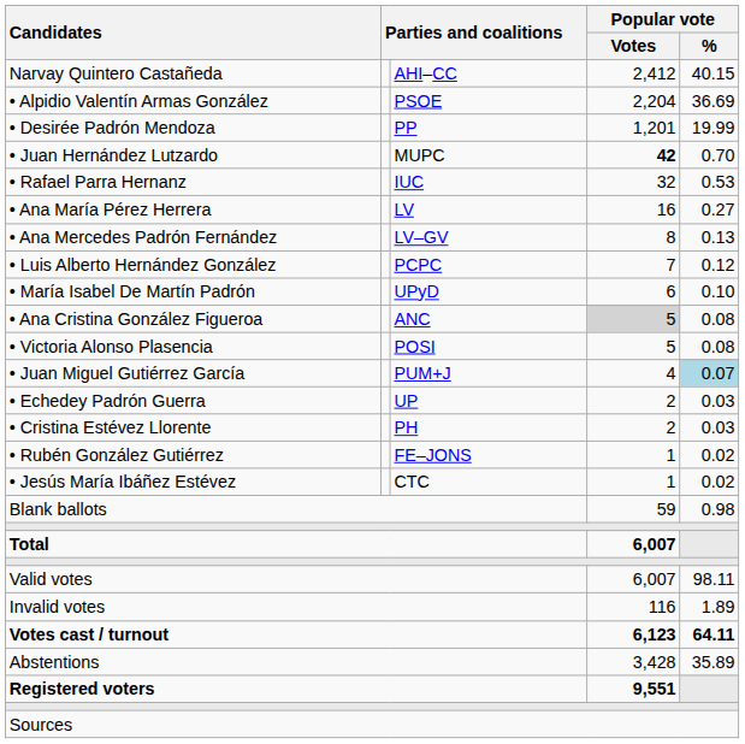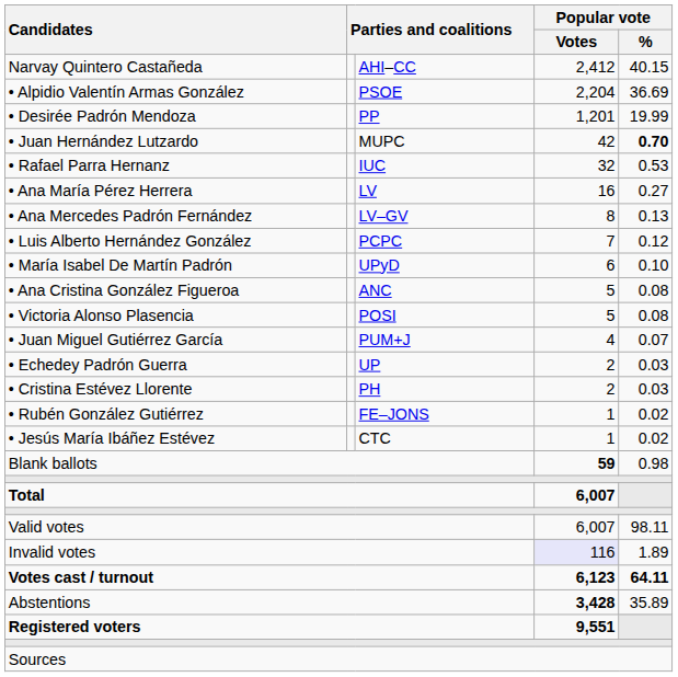 <table class="wikitable" style="text-align:right; font-size:95%;">
 <tr>
 <th style="text-align:left;" rowspan="2" width="325">Candidates</th>
 <th style="text-align:left;" rowspan="2" colspan="2" width="175">Parties and coalitions</th>
 <th colspan="2">Popular vote</th>
 </tr>
 <tr>
 <th width="75">Votes</th>
 <th width="45">%</th>
 </tr>
 <tr>
 <td align="left"> Narvay Quintero Castañeda</td>
 <td width="1" style="color:inherit;background:"></td>
 <td align="left"><a href='#'>AHI</a>–<a href='#'>CC</a></td>
 <td>2,412</td>
 <td>40.15</td>
 </tr>
 <tr>
 <td align="left">• Alpidio Valentín Armas González</td>
 <td style="color:inherit;background:"></td>
 <td align="left"><a href='#'>PSOE</a></td>
 <td>2,204</td>
 <td>36.69</td>
 </tr>
 <tr>
 <td align="left">• Desirée Padrón Mendoza</td>
 <td style="color:inherit;background:"></td>
 <td align="left"><a href='#'>PP</a></td>
 <td>1,201</td>
 <td>19.99</td>
 </tr>
 <tr>
 <td align="left">• Juan Hernández Lutzardo</td>
 <td style="color:inherit;background:"></td>
 <td align="left">MUPC</td>
-<td><strong>42</strong></td>
-<td>0.70</td>
+<td>42</td>
+<td><strong>0.70</strong></td>
 </tr>
 <tr>
 <td align="left">• Rafael Parra Hernanz</td>
 <td style="color:inherit;background:"></td>
 <td align="left"><a href='#'>IUC</a></td>
 <td>32</td>
 <td>0.53</td>
 </tr>
 <tr>
 <td align="left">• Ana María Pérez Herrera</td>
 <td style="color:inherit;background:"></td>
 <td align="left"><a href='#'>LV</a></td>
 <td>16</td>
 <td>0.27</td>
 </tr>
 <tr>
 <td align="left">• Ana Mercedes Padrón Fernández</td>
 <td style="color:inherit;background:"></td>
 <td align="left"><a href='#'>LV–GV</a></td>
 <td>8</td>
 <td>0.13</td>
 </tr>
 <tr>
 <td align="left">• Luis Alberto Hernández González</td>
 <td style="color:inherit;background:"></td>
 <td align="left"><a href='#'>PCPC</a></td>
 <td>7</td>
 <td>0.12</td>
 </tr>
 <tr>
 <td align="left">• María Isabel De Martín Padrón</td>
 <td style="color:inherit;background:"></td>
 <td align="left"><a href='#'>UPyD</a></td>
 <td>6</td>
 <td>0.10</td>
 </tr>
 <tr>
 <td align="left">• Ana Cristina González Figueroa</td>
 <td style="color:inherit;background:"></td>
 <td align="left"><a href='#'>ANC</a></td>
-<td style="background: lightgrey;">5</td>
+<td>5</td>
 <td>0.08</td>
 </tr>
 <tr>
 <td align="left">• Victoria Alonso Plasencia</td>
 <td style="color:inherit;background:"></td>
 <td align="left"><a href='#'>POSI</a></td>
 <td>5</td>
 <td>0.08</td>
 </tr>
 <tr>
 <td align="left">• Juan Miguel Gutiérrez García</td>
 <td style="color:inherit;background:"></td>
 <td align="left"><a href='#'>PUM+J</a></td>
 <td>4</td>
-<td style="background: lightblue;">0.07</td>
+<td>0.07</td>
 </tr>
 <tr>
 <td align="left">• Echedey Padrón Guerra</td>
 <td style="color:inherit;background:"></td>
 <td align="left"><a href='#'>UP</a></td>
 <td>2</td>
 <td>0.03</td>
 </tr>
 <tr>
 <td align="left">• Cristina Estévez Llorente</td>
 <td style="color:inherit;background:"></td>
 <td align="left"><a href='#'>PH</a></td>
 <td>2</td>
 <td>0.03</td>
 </tr>
 <tr>
 <td align="left">• Rubén González Gutiérrez</td>
 <td style="color:inherit;background:"></td>
 <td align="left"><a href='#'>FE–JONS</a></td>
 <td>1</td>
 <td>0.02</td>
 </tr>
 <tr>
 <td align="left">• Jesús María Ibáñez Estévez</td>
 <td style="color:inherit;background:"></td>
 <td align="left">CTC</td>
 <td>1</td>
 <td>0.02</td>
 </tr>
 <tr>
 <td align="left" colspan="3">Blank ballots</td>
-<td>59</td>
+<td><strong>59</strong></td>
 <td>0.98</td>
 </tr>
 <tr>
 <td colspan="5" bgcolor="#E9E9E9"></td>
 </tr>
 <tr style="font-weight:bold;">
 <td align="left" colspan="3">Total</td>
 <td>6,007</td>
 <td bgcolor="#E9E9E9"></td>
 </tr>
 <tr>
 <td colspan="5" bgcolor="#E9E9E9"></td>
 </tr>
 <tr>
 <td align="left" colspan="3">Valid votes</td>
 <td>6,007</td>
 <td>98.11</td>
 </tr>
 <tr>
 <td align="left" colspan="3">Invalid votes</td>
-<td>116</td>
+<td style="background: lavender;">116</td>
 <td>1.89</td>
 </tr>
 <tr style="font-weight:bold;">
 <td align="left" colspan="3">Votes cast / turnout</td>
 <td>6,123</td>
 <td>64.11</td>
 </tr>
 <tr>
 <td align="left" colspan="3">Abstentions</td>
-<td>3,428</td>
+<td><strong>3,428</strong></td>
 <td>35.89</td>
 </tr>
 <tr style="font-weight:bold;">
 <td align="left" colspan="3">Registered voters</td>
 <td>9,551</td>
 <td bgcolor="#E9E9E9"></td>
 </tr>
 <tr>
 <td colspan="5" bgcolor="#E9E9E9"></td>
 </tr>
 <tr>
 <td align="left" colspan="5">Sources</td>
 </tr>
 </table>
